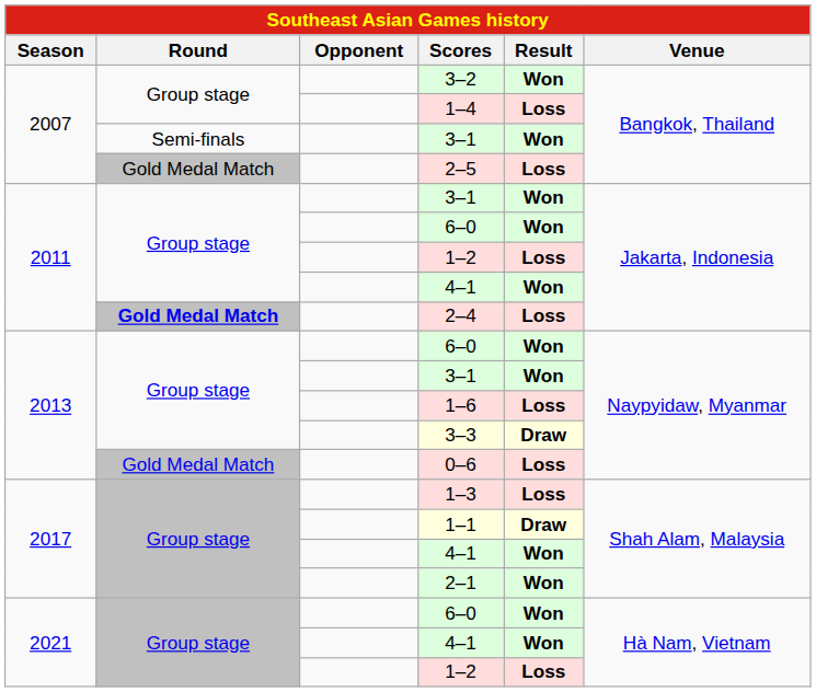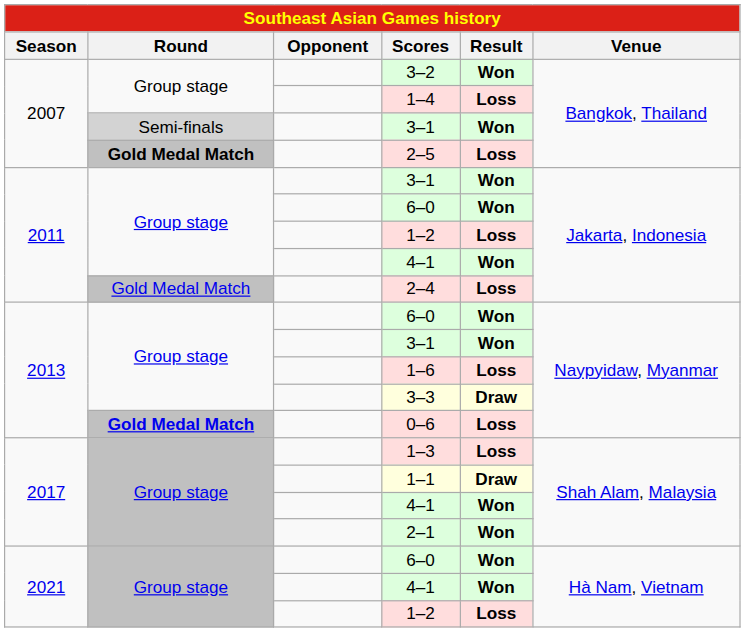 <table class="wikitable collapsible collapsed" style="text-align:center; font-size:90%; width:70%;">
 <tr>
 <th colspan="6" style="background: #DB2017; color: #FFFF00;">Southeast Asian Games history</th>
 </tr>
 <tr>
 <th>Season</th>
 <th>Round</th>
 <th>Opponent</th>
 <th>Scores</th>
 <th>Result</th>
 <th>Venue</th>
 </tr>
 <tr>
 <td rowspan=4>2007</td>
 <td rowspan=2>Group stage</td>
 <td style="text-align:left"></td>
 <td style="background:#dfd;">3–2</td>
 <td style="background:#dfd;"><strong>Won</strong></td>
 <td rowspan=4> <a href='#'>Bangkok</a>, <a href='#'>Thailand</a></td>
 </tr>
 <tr>
 <td style="text-align:left"></td>
 <td style="background:#fdd;">1–4</td>
 <td style="background:#fdd;"><strong>Loss</strong></td>
 </tr>
 <tr>
-<td>Semi-finals</td>
+<td style="background: lightgrey;">Semi-finals</td>
 <td style="text-align:left"></td>
 <td style="background:#dfd;">3–1</td>
 <td style="background:#dfd;"><strong>Won</strong></td>
 </tr>
 <tr>
-<td bgcolor=silver>Gold Medal Match</td>
+<td bgcolor=silver><strong>Gold Medal Match</strong></td>
 <td style="text-align:left"></td>
 <td style="background:#fdd;">2–5</td>
 <td style="background:#fdd;"><strong>Loss</strong></td>
 </tr>
 <tr>
 <td rowspan=5><a href='#'>2011</a></td>
 <td rowspan=4><a href='#'>Group stage</a></td>
 <td style="text-align:left"></td>
 <td style="background:#dfd;">3–1</td>
 <td style="background:#dfd;"><strong>Won</strong></td>
 <td rowspan=5> <a href='#'>Jakarta</a>, <a href='#'>Indonesia</a></td>
 </tr>
 <tr>
 <td style="text-align:left"></td>
 <td style="background:#dfd;">6–0</td>
 <td style="background:#dfd;"><strong>Won</strong></td>
 </tr>
 <tr>
 <td style="text-align:left"></td>
 <td style="background:#fdd;">1–2</td>
 <td style="background:#fdd;"><strong>Loss</strong></td>
 </tr>
 <tr>
 <td style="text-align:left"></td>
 <td style="background:#dfd;">4–1</td>
 <td style="background:#dfd;"><strong>Won</strong></td>
 </tr>
 <tr>
-<td bgcolor=silver><strong><a href='#'>Gold Medal Match</a></strong></td>
+<td bgcolor=silver><a href='#'>Gold Medal Match</a></td>
 <td style="text-align:left"></td>
 <td style="background:#fdd;">2–4</td>
 <td style="background:#fdd;"><strong>Loss</strong></td>
 </tr>
 <tr>
 <td rowspan=5><a href='#'>2013</a></td>
 <td rowspan=4><a href='#'>Group stage</a></td>
 <td style="text-align:left"></td>
 <td style="background:#dfd;">6–0</td>
 <td style="background:#dfd;"><strong>Won</strong></td>
 <td rowspan=5> <a href='#'>Naypyidaw</a>, <a href='#'>Myanmar</a></td>
 </tr>
 <tr>
 <td style="text-align:left"></td>
 <td style="background:#dfd;">3–1</td>
 <td style="background:#dfd;"><strong>Won</strong></td>
 </tr>
 <tr>
 <td style="text-align:left"></td>
 <td style="background:#fdd;">1–6</td>
 <td style="background:#fdd;"><strong>Loss</strong></td>
 </tr>
 <tr>
 <td style="text-align:left"></td>
 <td style="background:#ffd;">3–3</td>
 <td style="background:#ffd;"><strong>Draw</strong></td>
 </tr>
 <tr>
-<td bgcolor=silver><a href='#'>Gold Medal Match</a></td>
+<td bgcolor=silver><strong><a href='#'>Gold Medal Match</a></strong></td>
 <td style="text-align:left"></td>
 <td style="background:#fdd;">0–6</td>
 <td style="background:#fdd;"><strong>Loss</strong></td>
 </tr>
 <tr>
 <td rowspan=4><a href='#'>2017</a></td>
 <td rowspan=4 bgcolor=silver><a href='#'>Group stage</a></td>
 <td style="text-align:left"></td>
 <td style="background:#fdd;">1–3</td>
 <td style="background:#fdd;"><strong>Loss</strong></td>
 <td rowspan=4> <a href='#'>Shah Alam</a>, <a href='#'>Malaysia</a></td>
 </tr>
 <tr>
 <td style="text-align:left"></td>
 <td style="background:#ffd;">1–1</td>
 <td style="background:#ffd;"><strong>Draw</strong></td>
 </tr>
 <tr>
 <td style="text-align:left"></td>
 <td style="background:#dfd;">4–1</td>
 <td style="background:#dfd;"><strong>Won</strong></td>
 </tr>
 <tr>
 <td style="text-align:left"></td>
 <td style="background:#dfd;">2–1</td>
 <td style="background:#dfd;"><strong>Won</strong></td>
 </tr>
 <tr>
 <td rowspan=4><a href='#'>2021</a></td>
 <td rowspan=4 bgcolor=silver><a href='#'>Group stage</a></td>
 <td style="text-align:left"></td>
 <td style="background:#dfd;">6–0</td>
 <td style="background:#dfd;"><strong>Won</strong></td>
 <td rowspan=4> <a href='#'>Hà Nam</a>, <a href='#'>Vietnam</a></td>
 </tr>
 <tr>
 <td style="text-align:left"></td>
 <td style="background:#dfd;">4–1</td>
 <td style="background:#dfd;"><strong>Won</strong></td>
 </tr>
 <tr>
 <td style="text-align:left"></td>
 <td style="background:#fdd;">1–2</td>
 <td style="background:#fdd;"><strong>Loss</strong></td>
 </tr>
 </table>
